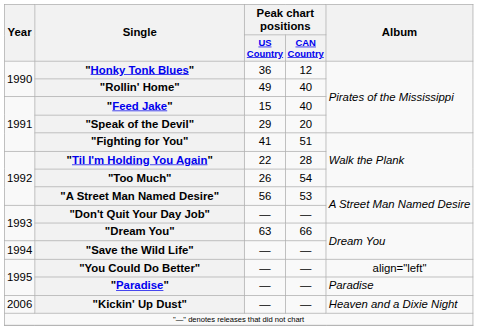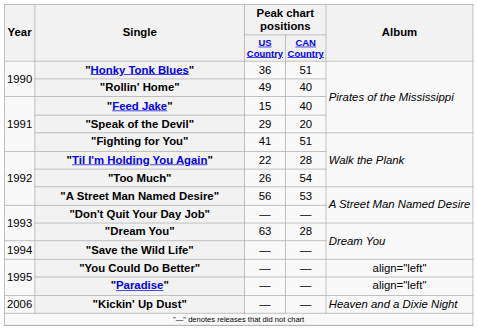 <table class="wikitable plainrowheaders" style="text-align:center;">
 <tr>
 <th rowspan="2">Year</th>
 <th rowspan="2" style="width:18em;">Single</th>
 <th colspan="2">Peak chart<br>positions</th>
 <th rowspan="2">Album</th>
 </tr>
 <tr style="font-size:smaller;">
 <th width="45"><a href='#'>US Country</a><br></th>
 <th width="45"><a href='#'>CAN Country</a><br></th>
 </tr>
 <tr>
 <td rowspan="2">1990</td>
 <th scope="row">"<a href='#'>Honky Tonk Blues</a>"</th>
 <td>36</td>
-<td>12</td>
+<td>51</td>
 <td align="left" rowspan="4"><em>Pirates of the Mississippi</em></td>
 </tr>
 <tr>
 <th scope="row">"Rollin' Home"</th>
 <td>49</td>
 <td>40</td>
 </tr>
 <tr>
 <td rowspan="3">1991</td>
 <th scope="row">"<a href='#'>Feed Jake</a>"</th>
 <td>15</td>
 <td>40</td>
 </tr>
 <tr>
 <th scope="row">"Speak of the Devil"</th>
 <td>29</td>
 <td>20</td>
 </tr>
 <tr>
 <th scope="row">"Fighting for You"</th>
 <td>41</td>
 <td>51</td>
 <td align="left" rowspan="3"><em>Walk the Plank</em></td>
 </tr>
 <tr>
 <td rowspan="3">1992</td>
 <th scope="row">"<a href='#'>Til I'm Holding You Again</a>"</th>
 <td>22</td>
 <td>28</td>
 </tr>
 <tr>
 <th scope="row">"Too Much"</th>
 <td>26</td>
 <td>54</td>
 </tr>
 <tr>
 <th scope="row">"A Street Man Named Desire"</th>
 <td>56</td>
 <td>53</td>
 <td align="left" rowspan="2"><em>A Street Man Named Desire</em></td>
 </tr>
 <tr>
 <td rowspan="2">1993</td>
 <th scope="row">"Don't Quit Your Day Job"</th>
 <td>—</td>
 <td>—</td>
 </tr>
 <tr>
 <th scope="row">"Dream You"</th>
 <td>63</td>
-<td>66</td>
+<td>28</td>
 <td align="left" rowspan="2"><em>Dream You</em></td>
 </tr>
 <tr>
 <td>1994</td>
 <th scope="row">"Save the Wild Life"</th>
 <td>—</td>
 <td>—</td>
 </tr>
 <tr>
 <td rowspan="2">1995</td>
 <th scope="row">"You Could Do Better"</th>
 <td>—</td>
 <td>—</td>
 <td>align="left" </td>
 </tr>
 <tr>
 <th scope="row">"<a href='#'>Paradise</a>"</th>
 <td>—</td>
 <td>—</td>
-<td align="left"><em>Paradise</em></td>
+<td>align="left" </td>
 </tr>
 <tr>
 <td>2006</td>
 <th scope="row">"Kickin' Up Dust"</th>
 <td>—</td>
 <td>—</td>
 <td align="left"><em>Heaven and a Dixie Night</em></td>
 </tr>
 <tr>
 <td colspan="5" style="font-size:8pt">"—" denotes releases that did not chart</td>
 </tr>
 <tr>
 </tr>
 </table>
